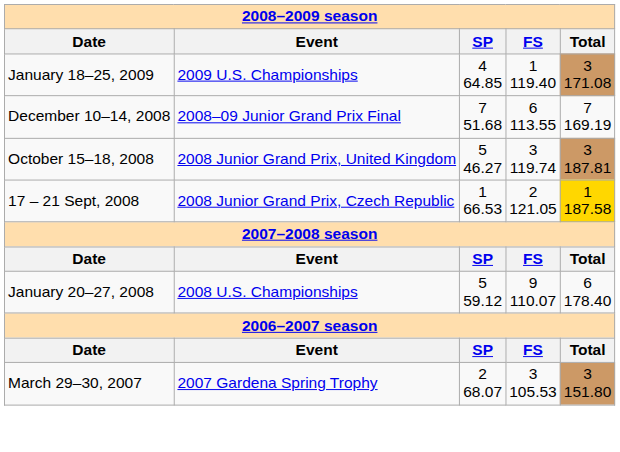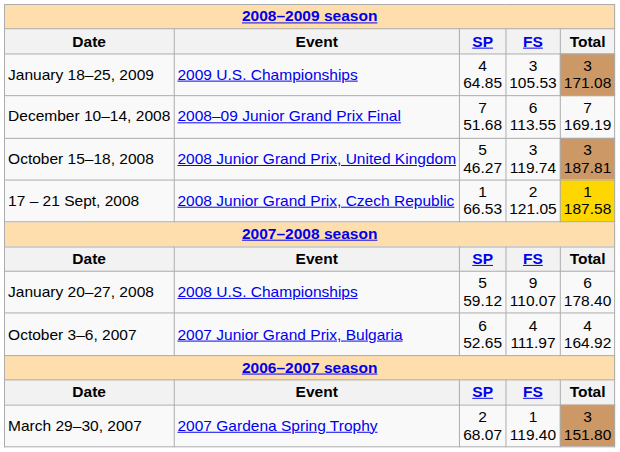 <table class="wikitable">
 <tr>
 <td colspan="5" style="background-color: #ffdead; " align="center"><strong><a href='#'>2008–2009 season</a></strong></td>
 </tr>
 <tr>
 <th>Date</th>
 <th>Event</th>
 <th><a href='#'>SP</a></th>
 <th><a href='#'>FS</a></th>
 <th>Total</th>
 </tr>
 <tr>
 <td>January 18–25, 2009</td>
 <td><a href='#'>2009 U.S. Championships</a></td>
 <td align=center>4 <br> 64.85</td>
-<td align=center>1 <br> 119.40</td>
+<td align="center">3 <br> 105.53</td>
 <td align=center bgcolor=cc9966>3 <br> 171.08</td>
 </tr>
 <tr>
 <td>December 10–14, 2008</td>
 <td><a href='#'>2008–09 Junior Grand Prix Final</a></td>
 <td align=center>7 <br> 51.68</td>
 <td align=center>6 <br> 113.55</td>
 <td style="text-align:center;">7 <br> 169.19</td>
 </tr>
 <tr>
 <td>October 15–18, 2008</td>
 <td><a href='#'>2008 Junior Grand Prix, United Kingdom</a></td>
 <td align="center">5 <br> 46.27</td>
 <td align=center>3 <br> 119.74</td>
 <td align=center bgcolor=cc9966>3 <br> 187.81</td>
 </tr>
 <tr>
 <td>17 – 21 Sept, 2008</td>
 <td><a href='#'>2008 Junior Grand Prix, Czech Republic</a></td>
 <td align="center">1<br> 66.53</td>
 <td align="center">2<br> 121.05</td>
 <td align="center" bgcolor="gold">1<br> 187.58</td>
 </tr>
 <tr>
 <td colspan="5" style="background-color: #ffdead; " align="center"><strong><a href='#'>2007–2008 season</a></strong></td>
 </tr>
 <tr>
 <th>Date</th>
 <th>Event</th>
 <th><a href='#'>SP</a></th>
 <th><a href='#'>FS</a></th>
 <th>Total</th>
 </tr>
 <tr>
 <td>January 20–27, 2008</td>
 <td><a href='#'>2008 U.S. Championships</a></td>
 <td style="text-align:center;">5 <br> 59.12</td>
 <td style="text-align:center;">9 <br> 110.07</td>
 <td align=center>6 <br> 178.40</td>
 </tr>
 <tr>
+<td>October 3–6, 2007</td>
+<td><a href='#'>2007 Junior Grand Prix, Bulgaria</a></td>
+<td style="text-align:center;">6 <br> 52.65</td>
+<td style="text-align:center;">4 <br> 111.97</td>
+<td style="text-align:center;">4 <br> 164.92</td>
+</tr>
+<tr>
 <td colspan="5" style="background-color: #ffdead; " align="center"><strong><a href='#'>2006–2007 season</a></strong></td>
 </tr>
 <tr>
 <th>Date</th>
 <th>Event</th>
 <th><a href='#'>SP</a></th>
 <th><a href='#'>FS</a></th>
 <th>Total</th>
 </tr>
 <tr>
 <td>March 29–30, 2007</td>
 <td><a href='#'>2007 Gardena Spring Trophy</a></td>
 <td align=center>2 <br> 68.07</td>
-<td align="center">3 <br> 105.53</td>
+<td align=center>1 <br> 119.40</td>
 <td align="center" bgcolor="cc9966">3 <br> 151.80</td>
 </tr>
 </table>
